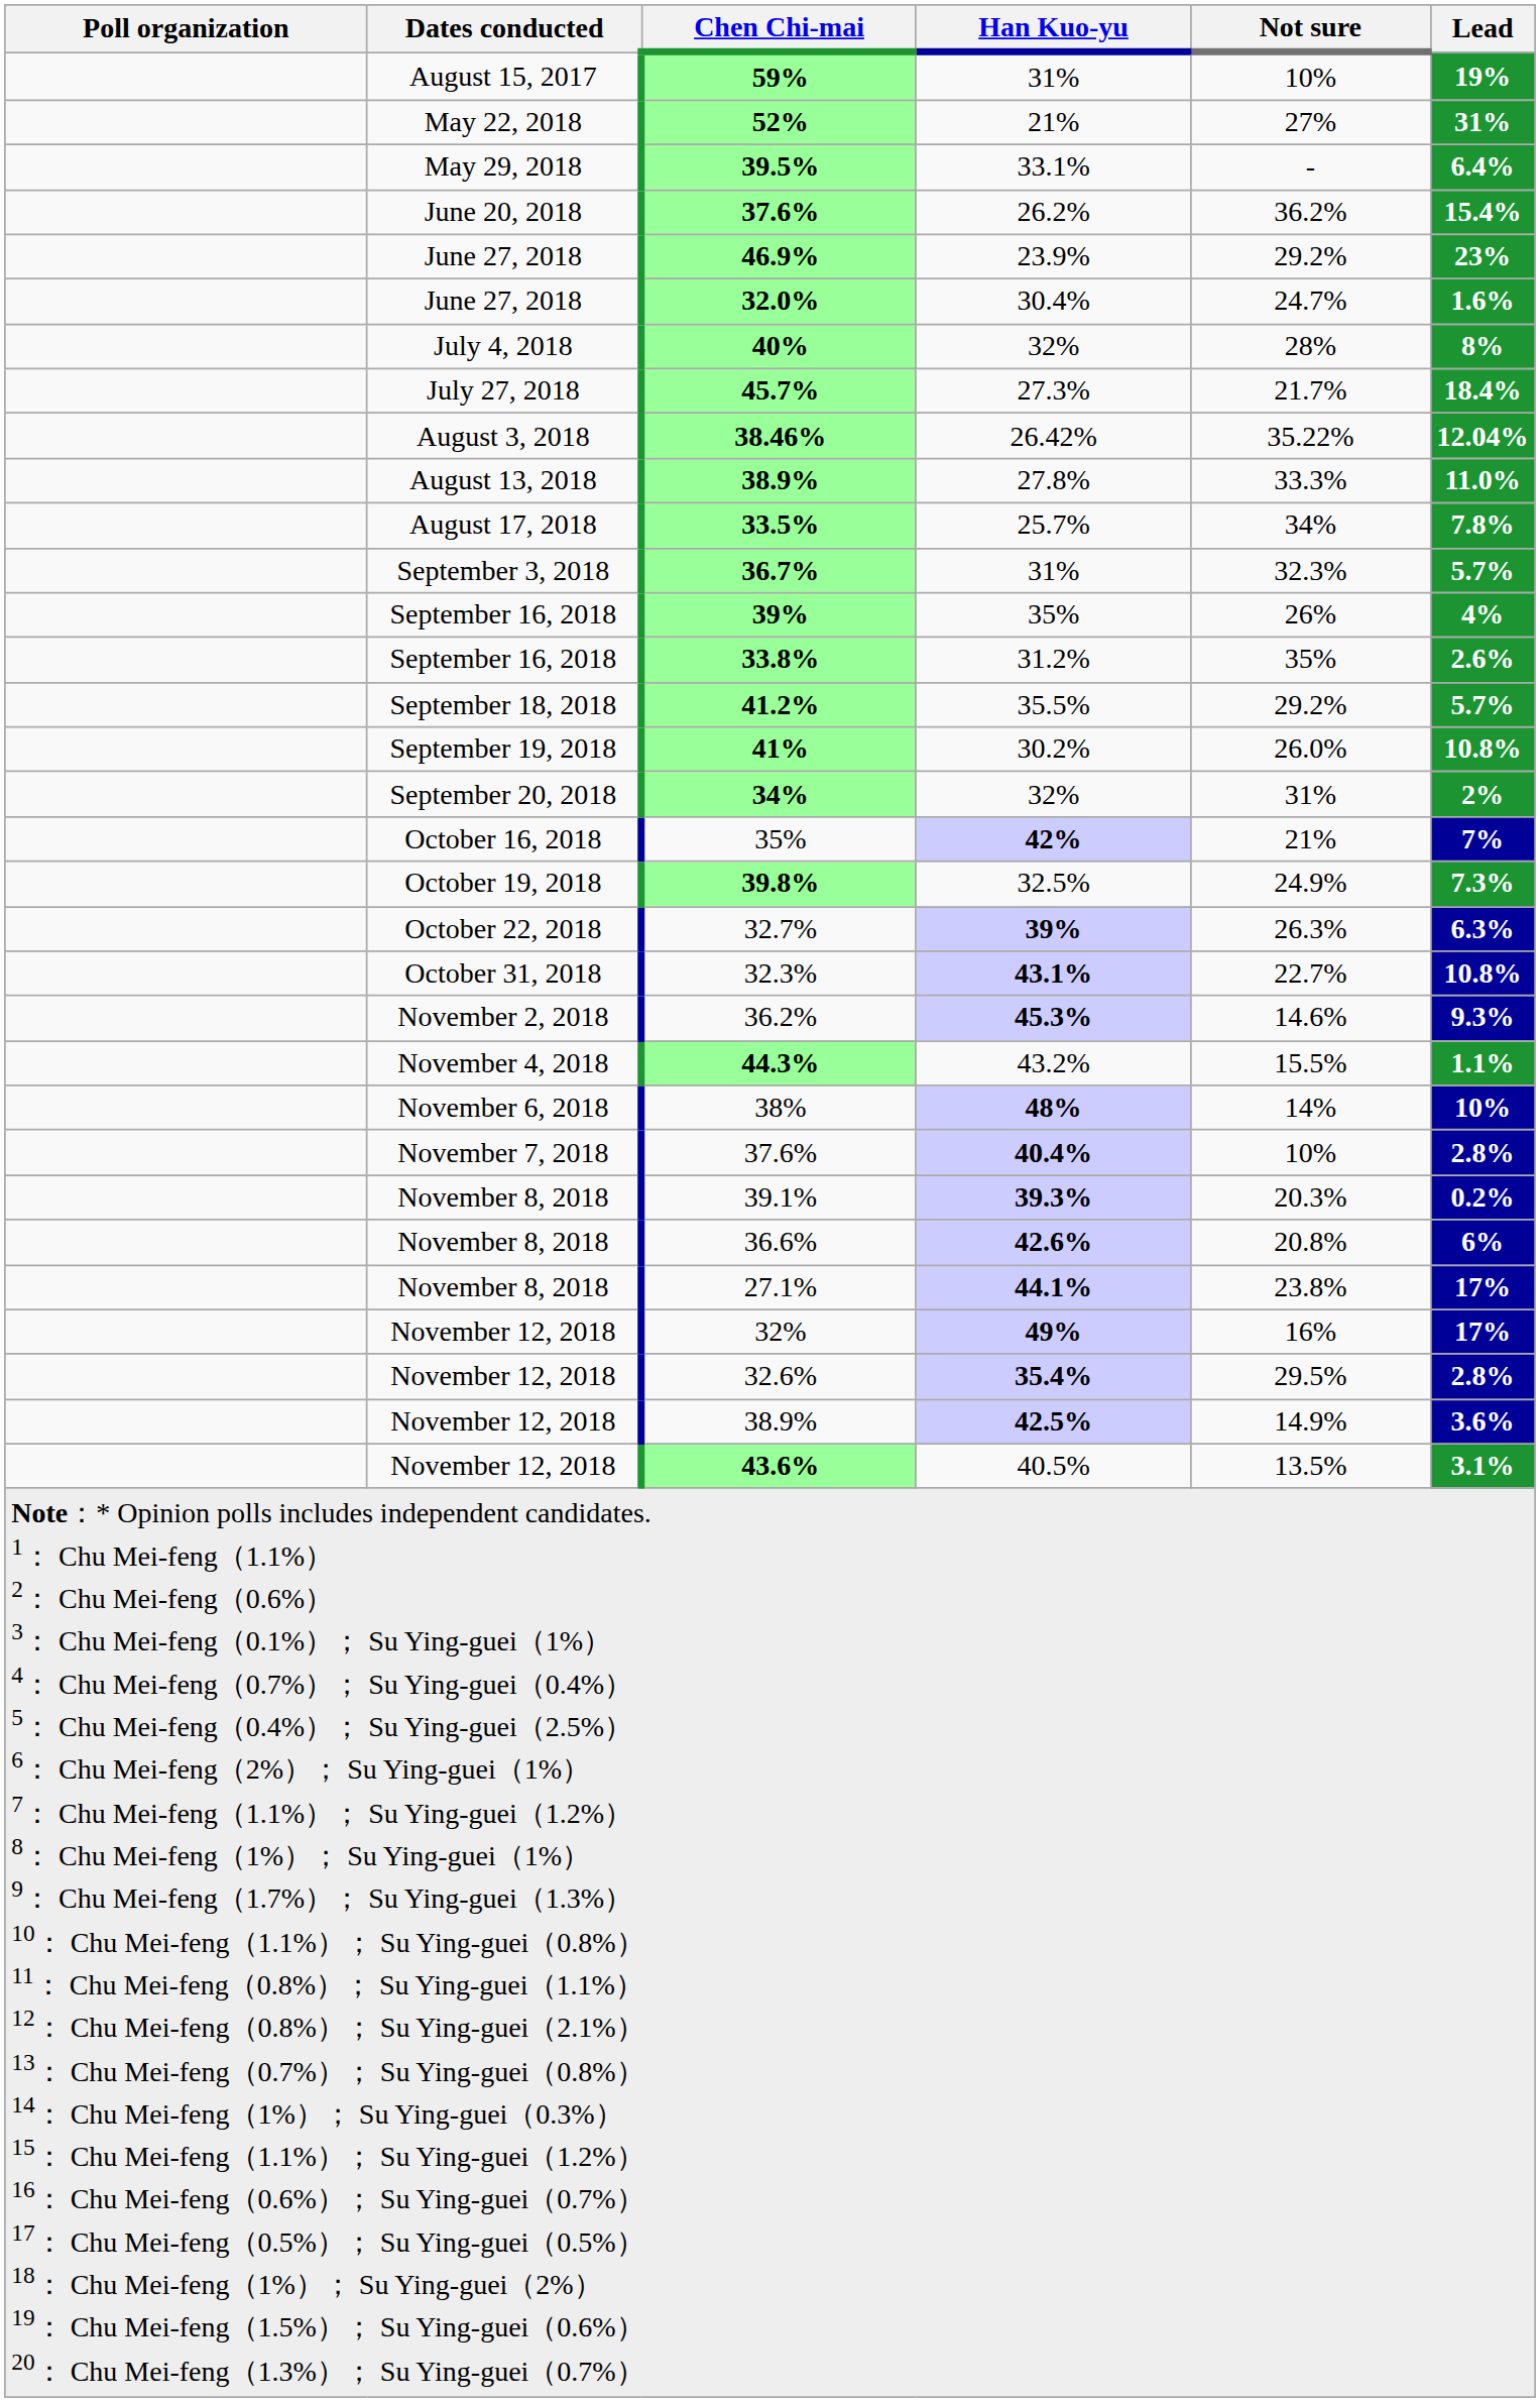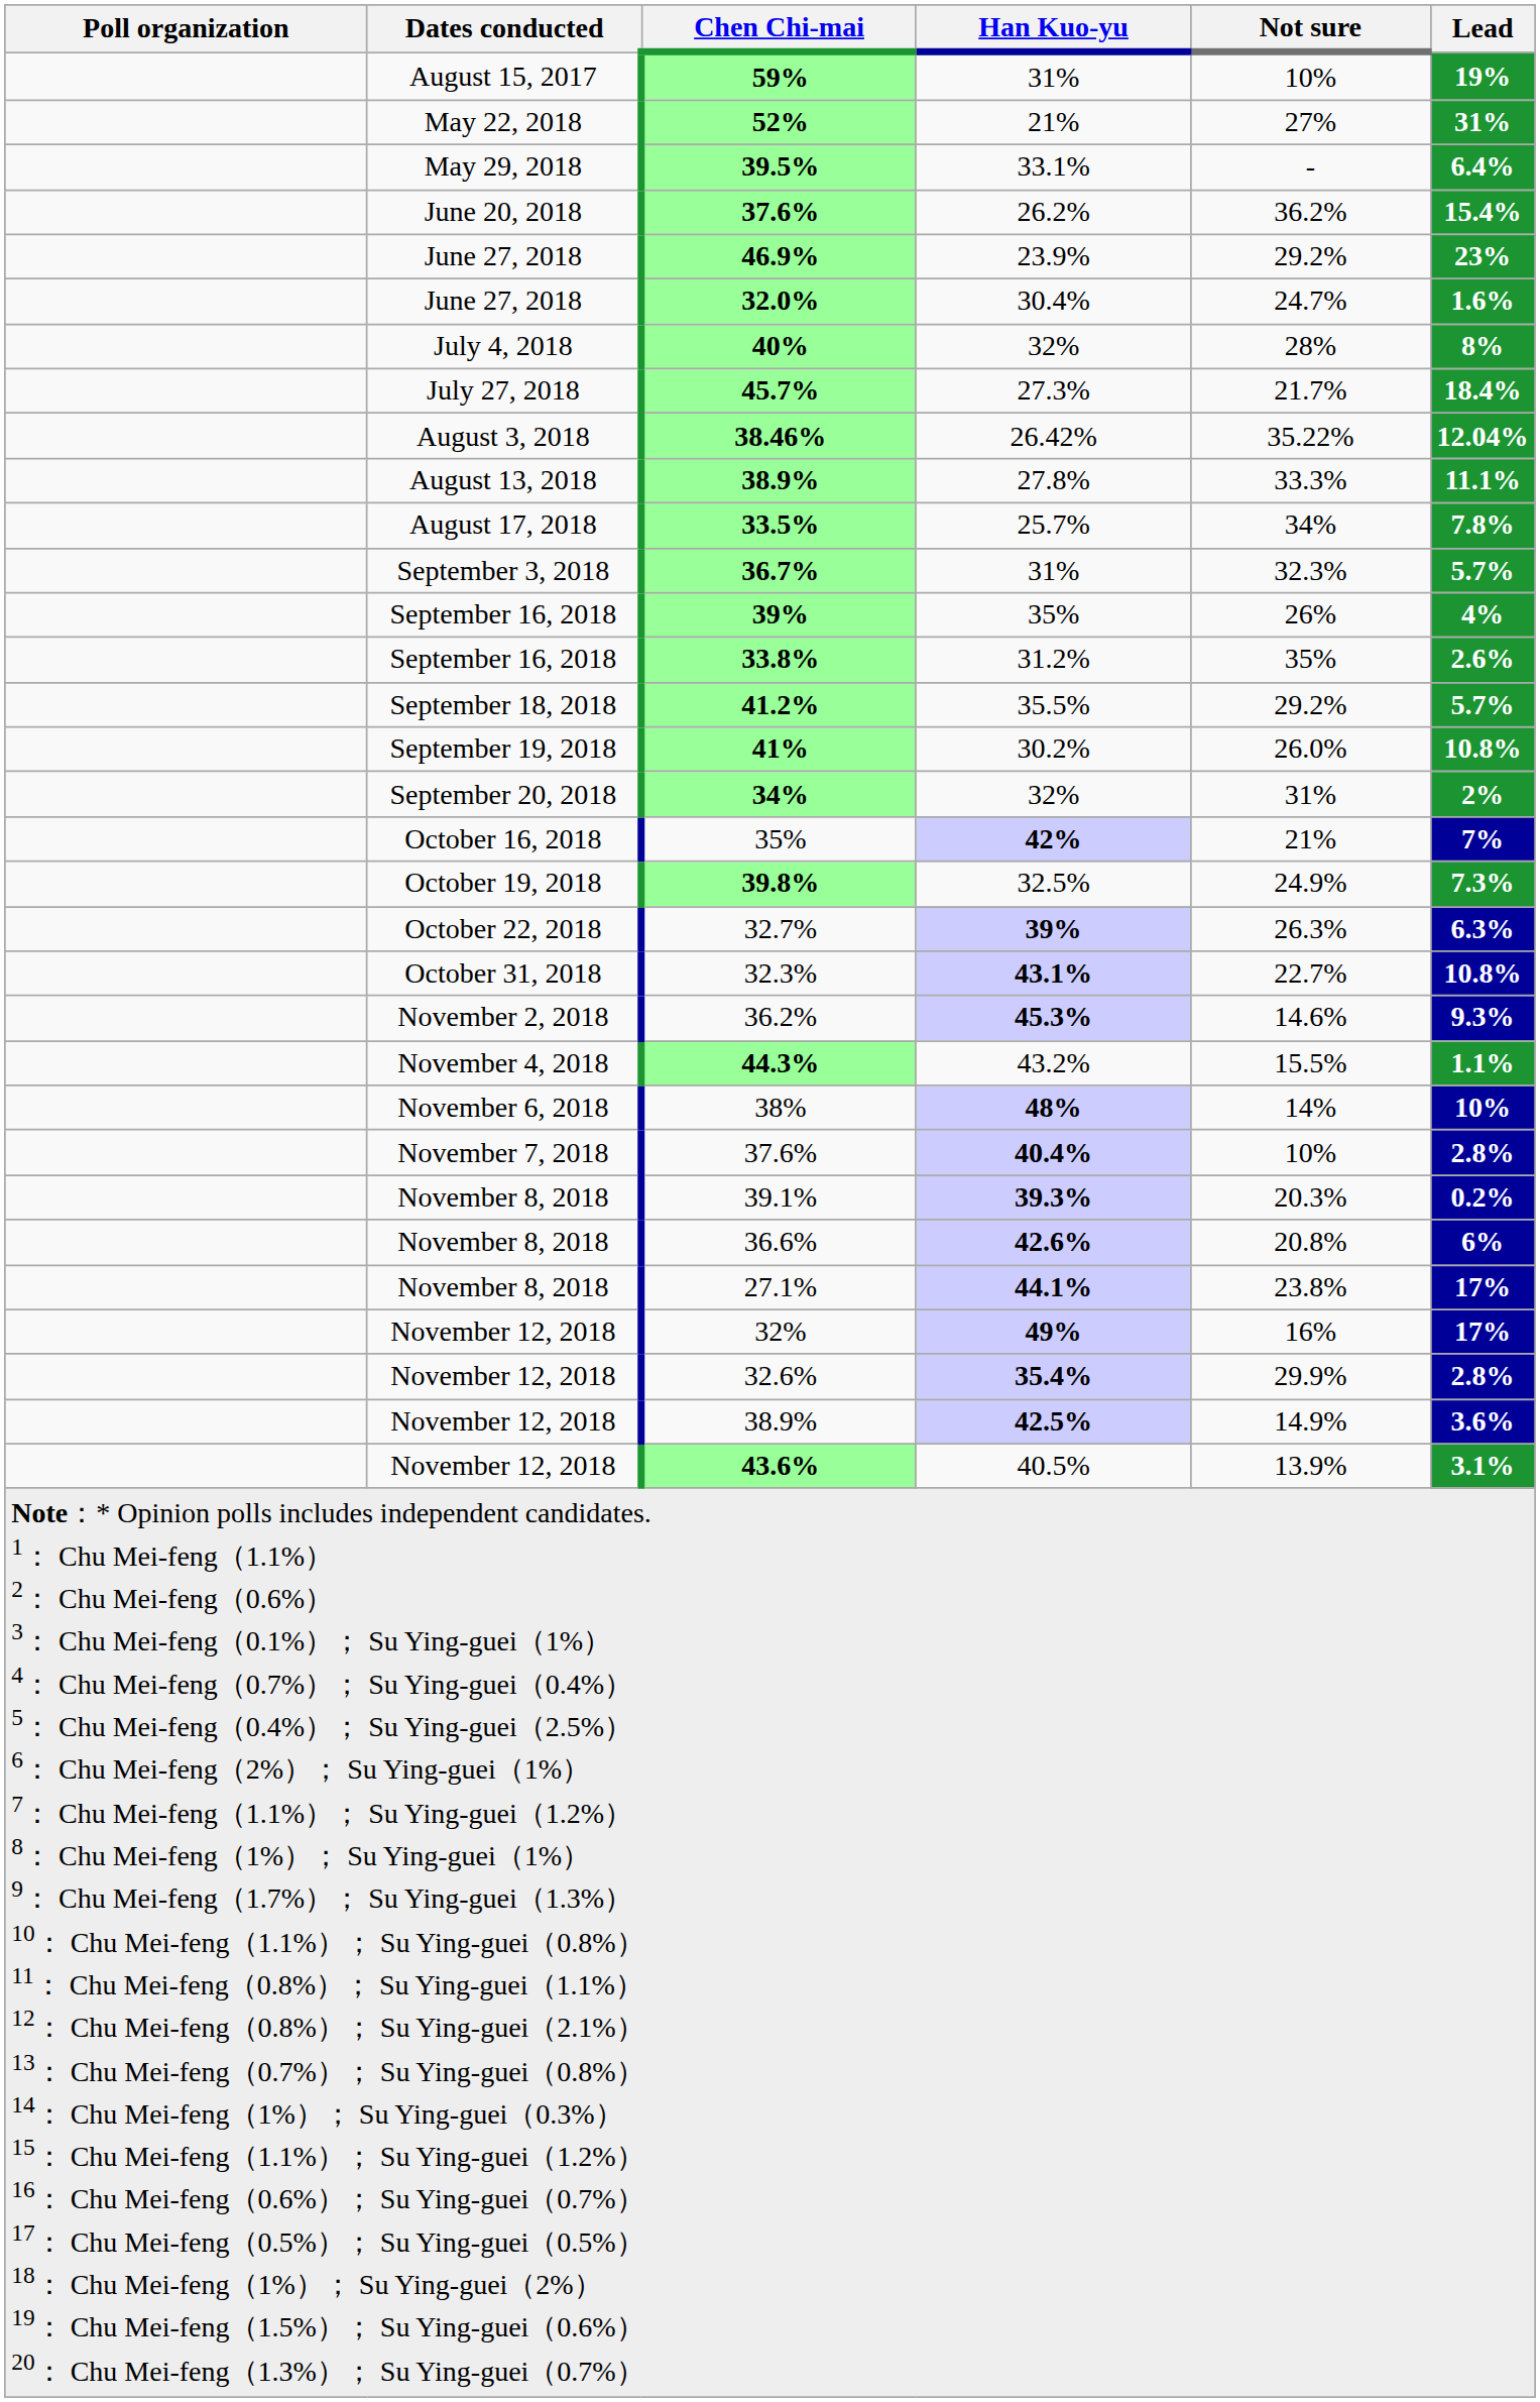 <table class="wikitable collapsible autocollapse" style="text-align:center">
 <tr style="background-color:# E9E9E9">
 <th style="width:200px;">Poll organization</th>
 <th style="width:150px;">Dates conducted</th>
 <th style="width:150px; border-bottom:4px solid #1B9431;"> <a href='#'>Chen Chi-mai</a></th>
 <th style="width:150px; border-bottom:4px solid #000099;"> <a href='#'>Han Kuo-yu</a></th>
 <th style="width:130px; border-bottom:4px solid #707070;"> Not sure</th>
 <th style="width:40px;">Lead</th>
 </tr>
 <tr>
 <td></td>
 <td>August 15, 2017</td>
 <td style="background-color:#99FF99; border-left:4px solid #1B9431;"><strong>59%</strong></td>
 <td>31%</td>
 <td>10%</td>
 <td style="background:#1B9431; color:white"><strong>19%</strong></td>
 </tr>
 <tr>
 <td></td>
 <td>May 22, 2018</td>
 <td style="background-color:#99FF99; border-left:4px solid #1B9431;"><strong>52%</strong></td>
 <td>21%</td>
 <td>27%</td>
 <td style="background:#1B9431; color:white"><strong>31%</strong></td>
 </tr>
 <tr>
 <td></td>
 <td>May 29, 2018</td>
 <td style="background-color:#99FF99; border-left:4px solid #1B9431;"><strong>39.5%</strong></td>
 <td>33.1%</td>
 <td>-</td>
 <td style="background:#1B9431; color:white"><strong>6.4%</strong></td>
 </tr>
 <tr>
 <td></td>
 <td>June 20, 2018</td>
 <td style="background-color:#99FF99; border-left:4px solid #1B9431;"><strong>37.6%</strong></td>
 <td>26.2%</td>
 <td>36.2%</td>
 <td style="background:#1B9431; color:white"><strong>15.4%</strong></td>
 </tr>
 <tr>
 <td></td>
 <td>June 27, 2018</td>
 <td style="background-color:#99FF99; border-left:4px solid #1B9431;"><strong>46.9%</strong></td>
 <td>23.9%</td>
 <td>29.2%</td>
 <td style="background:#1B9431; color:white"><strong>23%</strong></td>
 </tr>
 <tr>
 <td></td>
 <td>June 27, 2018</td>
 <td style="background-color:#99FF99; border-left:4px solid #1B9431;"><strong>32.0%</strong></td>
 <td>30.4%</td>
 <td>24.7%</td>
 <td style="background:#1B9431; color:white"><strong>1.6%</strong></td>
 </tr>
 <tr>
 <td></td>
 <td>July 4, 2018</td>
 <td style="background-color:#99FF99; border-left:4px solid #1B9431;"><strong>40%</strong></td>
 <td>32%</td>
 <td>28%</td>
 <td style="background:#1B9431; color:white"><strong>8%</strong></td>
 </tr>
 <tr>
 <td></td>
 <td>July 27, 2018</td>
 <td style="background-color:#99FF99; border-left:4px solid #1B9431;"><strong>45.7%</strong></td>
 <td>27.3%</td>
 <td>21.7%</td>
 <td style="background:#1B9431; color:white"><strong>18.4%</strong></td>
 </tr>
 <tr>
 <td></td>
 <td>August 3, 2018</td>
 <td style="background-color:#99FF99; border-left:4px solid #1B9431;"><strong>38.46%</strong></td>
 <td>26.42%</td>
 <td>35.22%</td>
 <td style="background:#1B9431; color:white"><strong>12.04%</strong></td>
 </tr>
 <tr>
 <td></td>
 <td>August 13, 2018</td>
 <td style="background-color:#99FF99; border-left:4px solid #1B9431;"><strong>38.9%</strong></td>
 <td>27.8%</td>
 <td>33.3%</td>
-<td style="background:#1B9431; color:white"><strong>11.0%</strong></td>
+<td style="background:#1B9431; color:white"><strong>11.1%</strong></td>
 </tr>
 <tr>
 <td></td>
 <td>August 17, 2018</td>
 <td style="background-color:#99FF99; border-left:4px solid #1B9431;"><strong>33.5%</strong></td>
 <td>25.7%</td>
 <td>34%</td>
 <td style="background:#1B9431; color:white"><strong>7.8%</strong></td>
 </tr>
 <tr>
 <td></td>
 <td>September 3, 2018</td>
 <td style="background-color:#99FF99; border-left:4px solid #1B9431;"><strong>36.7%</strong></td>
 <td>31%</td>
 <td>32.3%</td>
 <td style="background:#1B9431; color:white"><strong>5.7%</strong></td>
 </tr>
 <tr>
 <td></td>
 <td>September 16, 2018</td>
 <td style="background-color:#99FF99; border-left:4px solid #1B9431;"><strong>39%</strong></td>
 <td>35%</td>
 <td>26%</td>
 <td style="background:#1B9431; color:white"><strong>4%</strong></td>
 </tr>
 <tr>
 <td></td>
 <td>September 16, 2018</td>
 <td style="background-color:#99FF99; border-left:4px solid #1B9431;"><strong>33.8%</strong></td>
 <td>31.2%</td>
 <td>35%</td>
 <td style="background:#1B9431; color:white"><strong>2.6%</strong></td>
 </tr>
 <tr>
 <td></td>
 <td>September 18, 2018</td>
 <td style="background-color:#99FF99; border-left:4px solid #1B9431;"><strong>41.2%</strong></td>
 <td>35.5%</td>
 <td>29.2%</td>
 <td style="background:#1B9431; color:white"><strong>5.7%</strong></td>
 </tr>
 <tr>
 <td></td>
 <td>September 19, 2018</td>
 <td style="background-color:#99FF99; border-left:4px solid #1B9431;"><strong>41%</strong></td>
 <td>30.2%</td>
 <td>26.0%</td>
 <td style="background:#1B9431; color:white"><strong>10.8%</strong></td>
 </tr>
 <tr>
 <td></td>
 <td>September 20, 2018</td>
 <td style="background-color:#99FF99; border-left:4px solid #1B9431;"><strong>34%</strong></td>
 <td>32%</td>
 <td>31%</td>
 <td style="background:#1B9431; color:white"><strong>2%</strong></td>
 </tr>
 <tr>
 <td></td>
 <td>October 16, 2018</td>
 <td style="border-left:4px solid #000099;">35%</td>
 <td style="background-color:#CCCCFF;"><strong>42%</strong></td>
 <td>21%</td>
 <td style="background:#000099; color:white"><strong>7%</strong></td>
 </tr>
 <tr>
 <td></td>
 <td>October 19, 2018</td>
 <td style="background-color:#99FF99; border-left:4px solid #1B9431;"><strong>39.8%</strong></td>
 <td>32.5%</td>
 <td>24.9%</td>
 <td style="background:#1B9431; color:white"><strong>7.3%</strong></td>
 </tr>
 <tr>
 <td> </td>
 <td>October 22, 2018</td>
 <td style="border-left:4px solid #000099;">32.7%</td>
 <td style="background-color:#CCCCFF;"><strong>39%</strong></td>
 <td>26.3%</td>
 <td style="background:#000099; color:white"><strong>6.3%</strong></td>
 </tr>
 <tr>
 <td></td>
 <td>October 31, 2018</td>
 <td style="border-left:4px solid #000099;">32.3%</td>
 <td style="background-color:#CCCCFF;"><strong>43.1%</strong></td>
 <td>22.7%</td>
 <td style="background:#000099; color:white"><strong>10.8%</strong></td>
 </tr>
 <tr>
 <td></td>
 <td>November 2, 2018</td>
 <td style="border-left:4px solid #000099;">36.2%</td>
 <td style="background-color:#CCCCFF;"><strong>45.3%</strong></td>
 <td>14.6%</td>
 <td style="background:#000099; color:white"><strong>9.3%</strong></td>
 </tr>
 <tr>
 <td></td>
 <td>November 4, 2018</td>
 <td style="background-color:#99FF99; border-left:4px solid #1B9431;"><strong>44.3%</strong></td>
 <td>43.2%</td>
 <td>15.5%</td>
 <td style="background:#1B9431; color:white"><strong>1.1%</strong></td>
 </tr>
 <tr>
 <td></td>
 <td>November 6, 2018</td>
 <td style="border-left:4px solid #000099;">38%</td>
 <td style="background-color:#CCCCFF;"><strong>48%</strong></td>
 <td>14%</td>
 <td style="background:#000099; color:white"><strong>10%</strong></td>
 </tr>
 <tr>
 <td></td>
 <td>November 7, 2018</td>
 <td style="border-left:4px solid #000099;">37.6%</td>
 <td style="background-color:#CCCCFF;"><strong>40.4%</strong></td>
 <td>10%</td>
 <td style="background:#000099; color:white"><strong>2.8%</strong></td>
 </tr>
 <tr>
 <td></td>
 <td>November 8, 2018</td>
 <td style="border-left:4px solid #000099;">39.1%</td>
 <td style="background-color:#CCCCFF;"><strong>39.3%</strong></td>
 <td>20.3%</td>
 <td style="background:#000099; color:white"><strong>0.2%</strong></td>
 </tr>
 <tr>
 <td></td>
 <td>November 8, 2018</td>
 <td style="border-left:4px solid #000099;">36.6%</td>
 <td style="background-color:#CCCCFF;"><strong>42.6%</strong></td>
 <td>20.8%</td>
 <td style="background:#000099; color:white"><strong>6%</strong></td>
 </tr>
 <tr>
 <td> </td>
 <td>November 8, 2018</td>
 <td style="border-left:4px solid #000099;">27.1%</td>
 <td style="background-color:#CCCCFF;"><strong>44.1%</strong></td>
 <td>23.8%</td>
 <td style="background:#000099; color:white"><strong>17%</strong></td>
 </tr>
 <tr>
 <td></td>
 <td>November 12, 2018</td>
 <td style="border-left:4px solid #000099;">32%</td>
 <td style="background-color:#CCCCFF;"><strong>49%</strong></td>
 <td>16%</td>
 <td style="background:#000099; color:white"><strong>17%</strong></td>
 </tr>
 <tr>
 <td></td>
 <td>November 12, 2018</td>
 <td style="border-left:4px solid #000099;">32.6%</td>
 <td style="background-color:#CCCCFF;"><strong>35.4%</strong></td>
-<td>29.5%</td>
+<td>29.9%</td>
 <td style="background:#000099; color:white"><strong>2.8%</strong></td>
 </tr>
 <tr>
 <td></td>
 <td>November 12, 2018</td>
 <td style="border-left:4px solid #000099;">38.9%</td>
 <td style="background-color:#CCCCFF;"><strong>42.5%</strong></td>
 <td>14.9%</td>
 <td style="background:#000099; color:white"><strong>3.6%</strong></td>
 </tr>
 <tr>
 <td></td>
 <td>November 12, 2018</td>
 <td style="background-color:#99FF99; border-left:4px solid #1B9431;"><strong>43.6%</strong></td>
 <td>40.5%</td>
-<td>13.5%</td>
+<td>13.9%</td>
 <td style="background:#1B9431; color:white"><strong>3.1%</strong></td>
 </tr>
 <tr>
 <td colspan="7" style="background-color:#EEEEEE;" align=left><div><strong>Note</strong>：* Opinion polls includes independent candidates.<br><sup>1</sup>： Chu Mei-feng（1.1%）<br> <sup>2</sup>： Chu Mei-feng（0.6%）<br> <sup>3</sup>： Chu Mei-feng（0.1%）； Su Ying-guei（1%）<br> <sup>4</sup>： Chu Mei-feng（0.7%）； Su Ying-guei（0.4%）<br> <sup>5</sup>： Chu Mei-feng（0.4%）； Su Ying-guei（2.5%）<br> <sup>6</sup>： Chu Mei-feng（2%）； Su Ying-guei（1%）<br> <sup>7</sup>： Chu Mei-feng（1.1%）； Su Ying-guei（1.2%）<br> <sup>8</sup>： Chu Mei-feng（1%）； Su Ying-guei（1%）<br> <sup>9</sup>： Chu Mei-feng（1.7%）； Su Ying-guei（1.3%）<br> <sup>10</sup>： Chu Mei-feng（1.1%）； Su Ying-guei（0.8%）<br> <sup>11</sup>： Chu Mei-feng（0.8%）； Su Ying-guei（1.1%）<br> <sup>12</sup>： Chu Mei-feng（0.8%）； Su Ying-guei（2.1%）<br> <sup>13</sup>： Chu Mei-feng（0.7%）； Su Ying-guei（0.8%）<br> <sup>14</sup>： Chu Mei-feng（1%）； Su Ying-guei（0.3%）<br> <sup>15</sup>： Chu Mei-feng（1.1%）； Su Ying-guei（1.2%）<br> <sup>16</sup>： Chu Mei-feng（0.6%）； Su Ying-guei（0.7%）<br> <sup>17</sup>： Chu Mei-feng（0.5%）； Su Ying-guei（0.5%）<br> <sup>18</sup>： Chu Mei-feng（1%）； Su Ying-guei（2%）<br> <sup>19</sup>： Chu Mei-feng（1.5%）； Su Ying-guei（0.6%）<br> <sup>20</sup>： Chu Mei-feng（1.3%）； Su Ying-guei（0.7%）<br> </div></td>
 </tr>
 </table>
